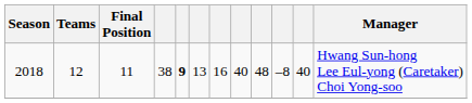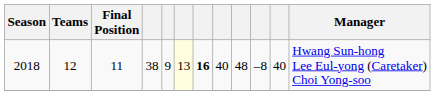 <table class="wikitable" style="text-align:center">
 <tr>
 <th>Season</th>
 <th>Teams</th>
 <th>Final<br>Position</th>
 <th></th>
 <th></th>
 <th></th>
 <th></th>
 <th></th>
 <th></th>
 <th></th>
 <th></th>
 <th>Manager</th>
 </tr>
 <tr>
 <td>2018</td>
 <td>12</td>
 <td>11</td>
 <td>38</td>
-<td><strong>9</strong></td>
-<td>13</td>
-<td>16</td>
+<td>9</td>
+<td style="background: lightyellow;">13</td>
+<td><strong>16</strong></td>
 <td>40</td>
 <td>48</td>
 <td>–8</td>
 <td>40</td>
 <td align=left> <a href='#'>Hwang Sun-hong</a><br> <a href='#'>Lee Eul-yong</a> (<a href='#'>Caretaker</a>)<br> <a href='#'>Choi Yong-soo</a></td>
 </tr>
 <tr>
 </tr>
 </table>
